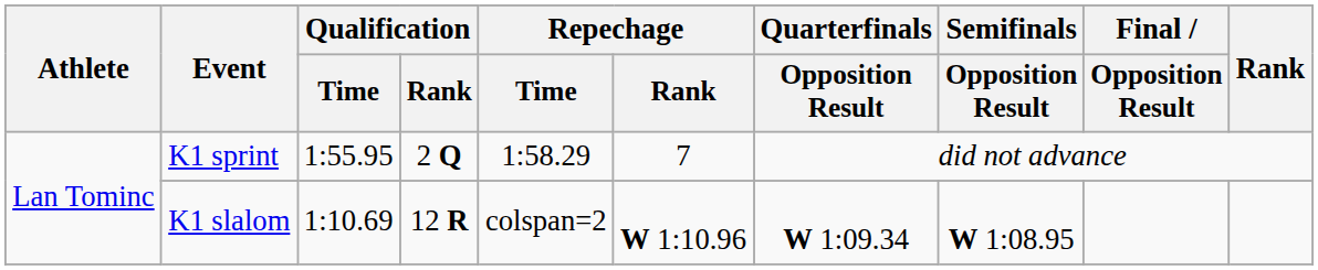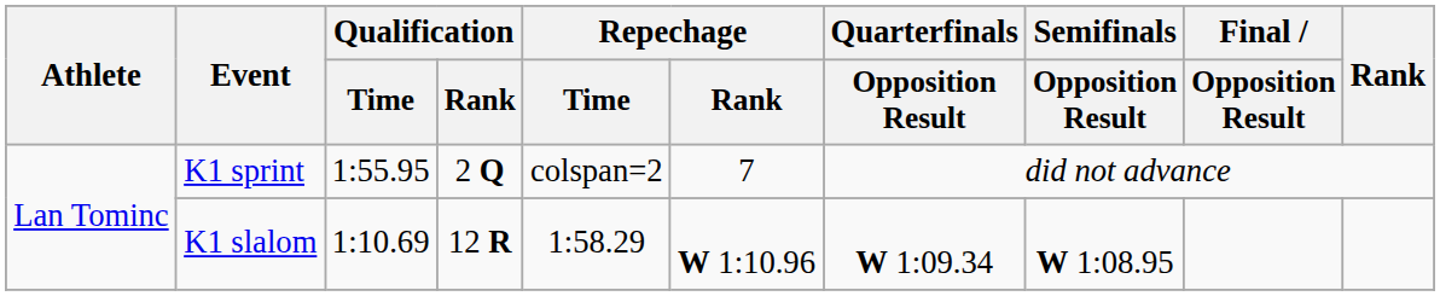 <table class="wikitable" style="font-size:90%">
 <tr>
 <th rowspan=2>Athlete</th>
 <th rowspan=2>Event</th>
 <th colspan=2>Qualification</th>
 <th colspan=2>Repechage</th>
 <th>Quarterfinals</th>
 <th>Semifinals</th>
 <th>Final / </th>
 <th rowspan=2>Rank</th>
 </tr>
 <tr style="font-size:95%">
 <th>Time</th>
 <th>Rank</th>
 <th>Time</th>
 <th>Rank</th>
 <th>Opposition <br>Result</th>
 <th>Opposition <br>Result</th>
 <th>Opposition <br>Result</th>
 </tr>
 <tr align=center>
 <td align=left rowspan=2><a href='#'>Lan Tominc</a></td>
 <td align=left><a href='#'>K1 sprint</a></td>
 <td>1:55.95</td>
 <td>2 <strong>Q</strong></td>
-<td>1:58.29</td>
+<td>colspan=2 </td>
 <td>7</td>
 <td Colspan=4><em>did not advance</em></td>
 </tr>
 <tr align=center>
 <td align="left"><a href='#'>K1 slalom</a></td>
 <td>1:10.69</td>
 <td>12 <strong>R</strong></td>
-<td>colspan=2 </td>
+<td>1:58.29</td>
 <td><br> <strong>W</strong> 1:10.96</td>
 <td><br> <strong>W</strong> 1:09.34</td>
 <td><br> <strong>W</strong> 1:08.95</td>
 <td></td>
 </tr>
 </table>
